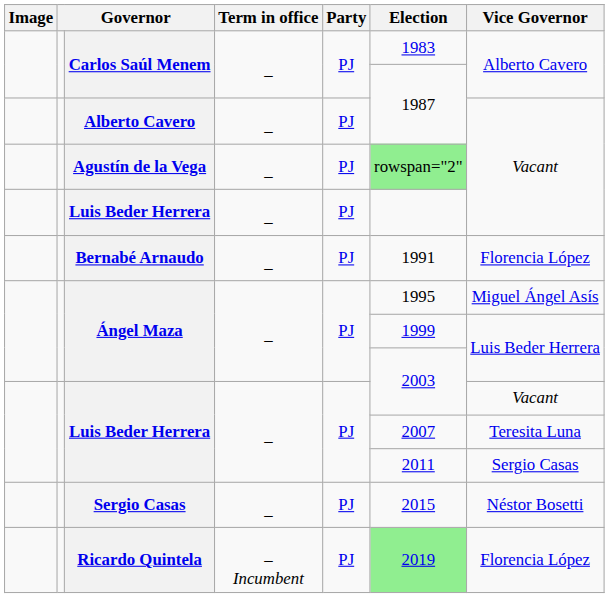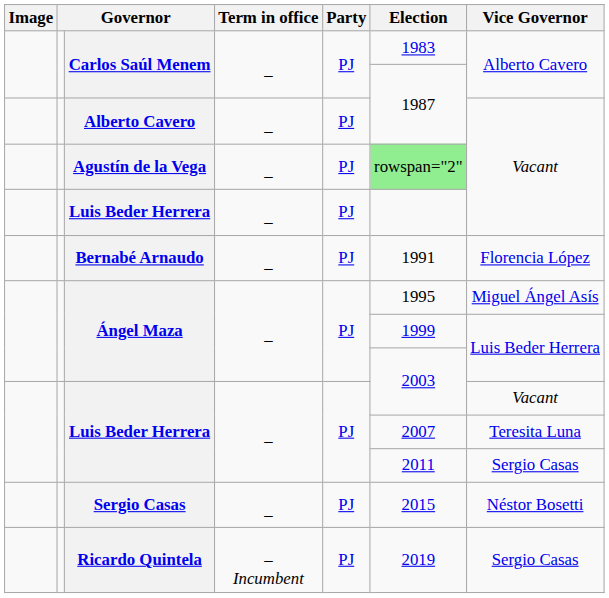 <table class="wikitable sortable" style="text-align: center;">
 <tr>
 <th scope="col">Image</th>
 <th scope="col" colspan="2">Governor</th>
 <th scope="col">Term in office</th>
 <th scope="col">Party</th>
 <th scope="col">Election</th>
 <th scope="col">Vice Governor</th>
 </tr>
 <tr style="height:2em;">
 <td rowspan="2" data-sort-value="Menem, Carlos Saúl"></td>
 <td rowspan="2" style="background:"></td>
 <th rowspan="2" scope="row"><a href='#'>Carlos Saúl Menem</a></th>
 <td rowspan="2"><br>–<br></td>
 <td rowspan="2"><a href='#'>PJ</a></td>
 <td><a href='#'>1983</a></td>
 <td rowspan="2" data-sort-value="Cavero, Alberto"><a href='#'>Alberto Cavero</a></td>
 </tr>
 <tr style="height:2em;">
 <td rowspan="2">1987</td>
 </tr>
 <tr>
 <td data-sort-value="Cavero, Alberto"></td>
 <td style="background:"></td>
 <th scope="row"><a href='#'>Alberto Cavero</a></th>
 <td><br>–<br></td>
 <td><a href='#'>PJ</a></td>
 <td rowspan="3"><em>Vacant</em></td>
 </tr>
 <tr style="height:2em;">
 <td data-sort-value="De la Vega, Agustín"></td>
 <td style="background:"></td>
 <th scope="row"><a href='#'>Agustín de la Vega</a></th>
 <td><br>–<br></td>
 <td><a href='#'>PJ</a></td>
 <td style="background: lightgreen;">rowspan="2" </td>
 </tr>
 <tr style="height:2em;">
 <td data-sort-value="Beder Herrera, Luis"></td>
 <td style="background:"></td>
 <th scope="row"><a href='#'>Luis Beder Herrera</a></th>
 <td><br>–<br></td>
 <td><a href='#'>PJ</a></td>
 </tr>
 <tr style="height:2em;">
 <td data-sort-value="Arnaudo, Bernabé"></td>
 <td style="background:"></td>
 <th scope="row"><a href='#'>Bernabé Arnaudo</a></th>
 <td><br>–<br></td>
 <td><a href='#'>PJ</a></td>
 <td>1991</td>
 <td data-sort-value="Bosetti, Néstor"><a href='#'>Florencia López</a></td>
 </tr>
 <tr style="height:2em;">
 <td rowspan="3" data-sort-value="Maza, Ángel"></td>
 <td rowspan="3" style="background:"></td>
 <th rowspan="3" scope="row"><a href='#'>Ángel Maza</a></th>
 <td rowspan="3"><br>–<br></td>
 <td rowspan="3"><a href='#'>PJ</a></td>
 <td>1995</td>
 <td data-sort-value="Asís, Miguel Ángel"><a href='#'>Miguel Ángel Asís</a></td>
 </tr>
 <tr style="height:2em;">
 <td><a href='#'>1999</a></td>
 <td rowspan="2" data-sort-value="Beder Herrera, Luis"><a href='#'>Luis Beder Herrera</a></td>
 </tr>
 <tr style="height:2em;">
 <td rowspan="2"><a href='#'>2003</a></td>
 </tr>
 <tr style="height:2em;">
 <td rowspan="3" data-sort-value="Beder Herrera, Luis"></td>
 <td rowspan="3" style="background:"></td>
 <th rowspan="3" scope="row"><a href='#'>Luis Beder Herrera</a></th>
 <td rowspan="3"><br>–<br></td>
 <td rowspan="3"><a href='#'>PJ</a></td>
 <td><em>Vacant</em></td>
 </tr>
 <tr style="height:2em;">
 <td><a href='#'>2007</a></td>
 <td data-sort-value="Luna, Teresita"><a href='#'>Teresita Luna</a></td>
 </tr>
 <tr style="height:2em;">
 <td><a href='#'>2011</a></td>
 <td data-sort-value="Casas, Sergio"><a href='#'>Sergio Casas</a></td>
 </tr>
 <tr style="height:2em;">
 <td data-sort-value="Casas, Sergio"></td>
 <td style="background:"></td>
 <th scope="row"><a href='#'>Sergio Casas</a></th>
 <td><br>–<br></td>
 <td><a href='#'>PJ</a></td>
 <td><a href='#'>2015</a></td>
 <td data-sort-value="Bosetti, Néstor"><a href='#'>Néstor Bosetti</a></td>
 </tr>
 <tr style="height:2em;">
 <td data-sort-value="Quintela, Ricardo"></td>
 <td style="background:"></td>
 <th scope="row"><a href='#'>Ricardo Quintela</a></th>
 <td><br>–<br><em>Incumbent</em></td>
 <td><a href='#'>PJ</a></td>
-<td style="background: lightgreen;"><a href='#'>2019</a></td>
-<td data-sort-value="Bosetti, Néstor"><a href='#'>Florencia López</a></td>
+<td><a href='#'>2019</a></td>
+<td data-sort-value="Casas, Sergio"><a href='#'>Sergio Casas</a></td>
 </tr>
 </table>
